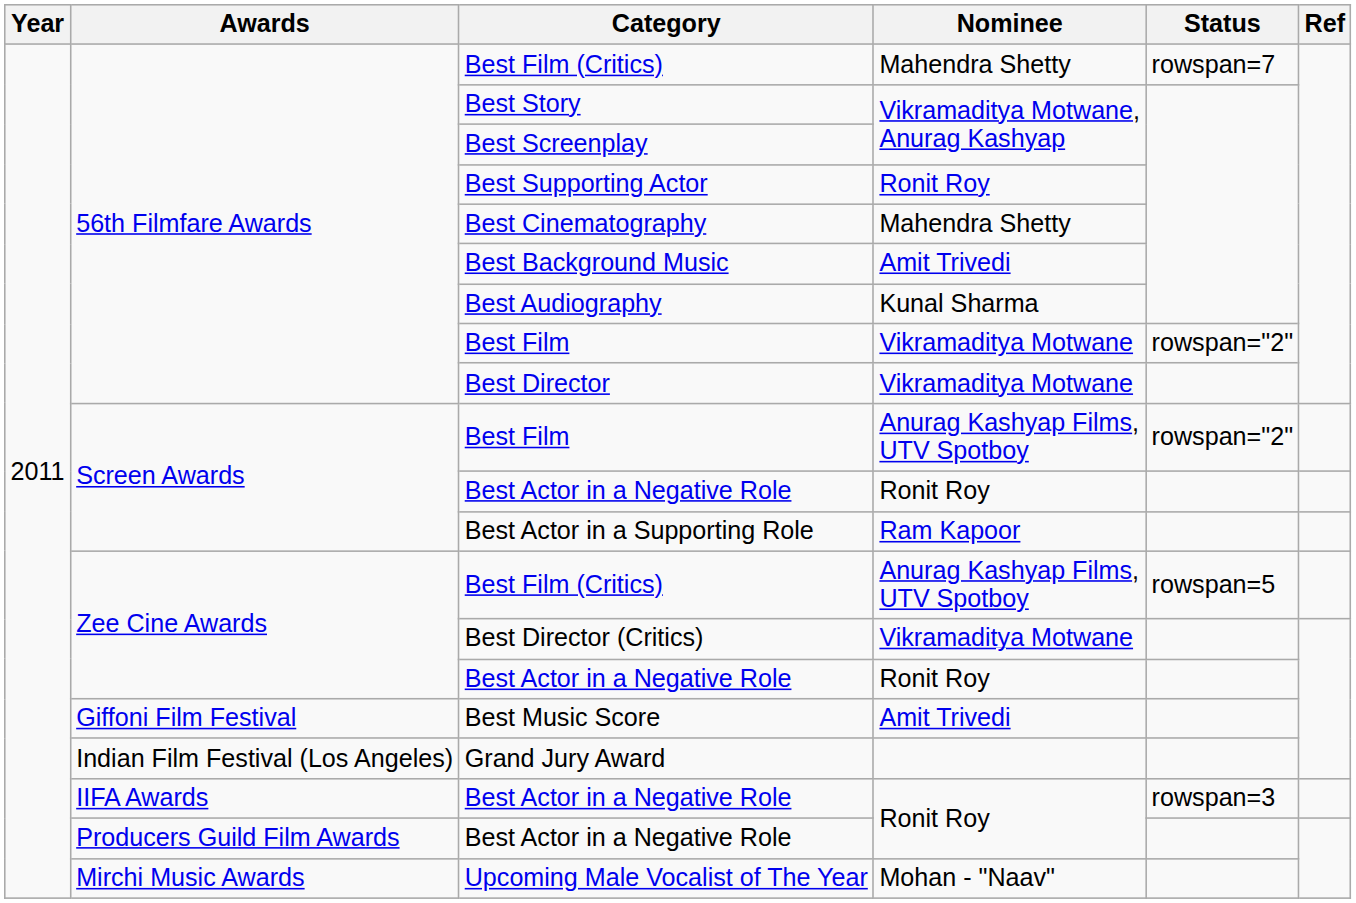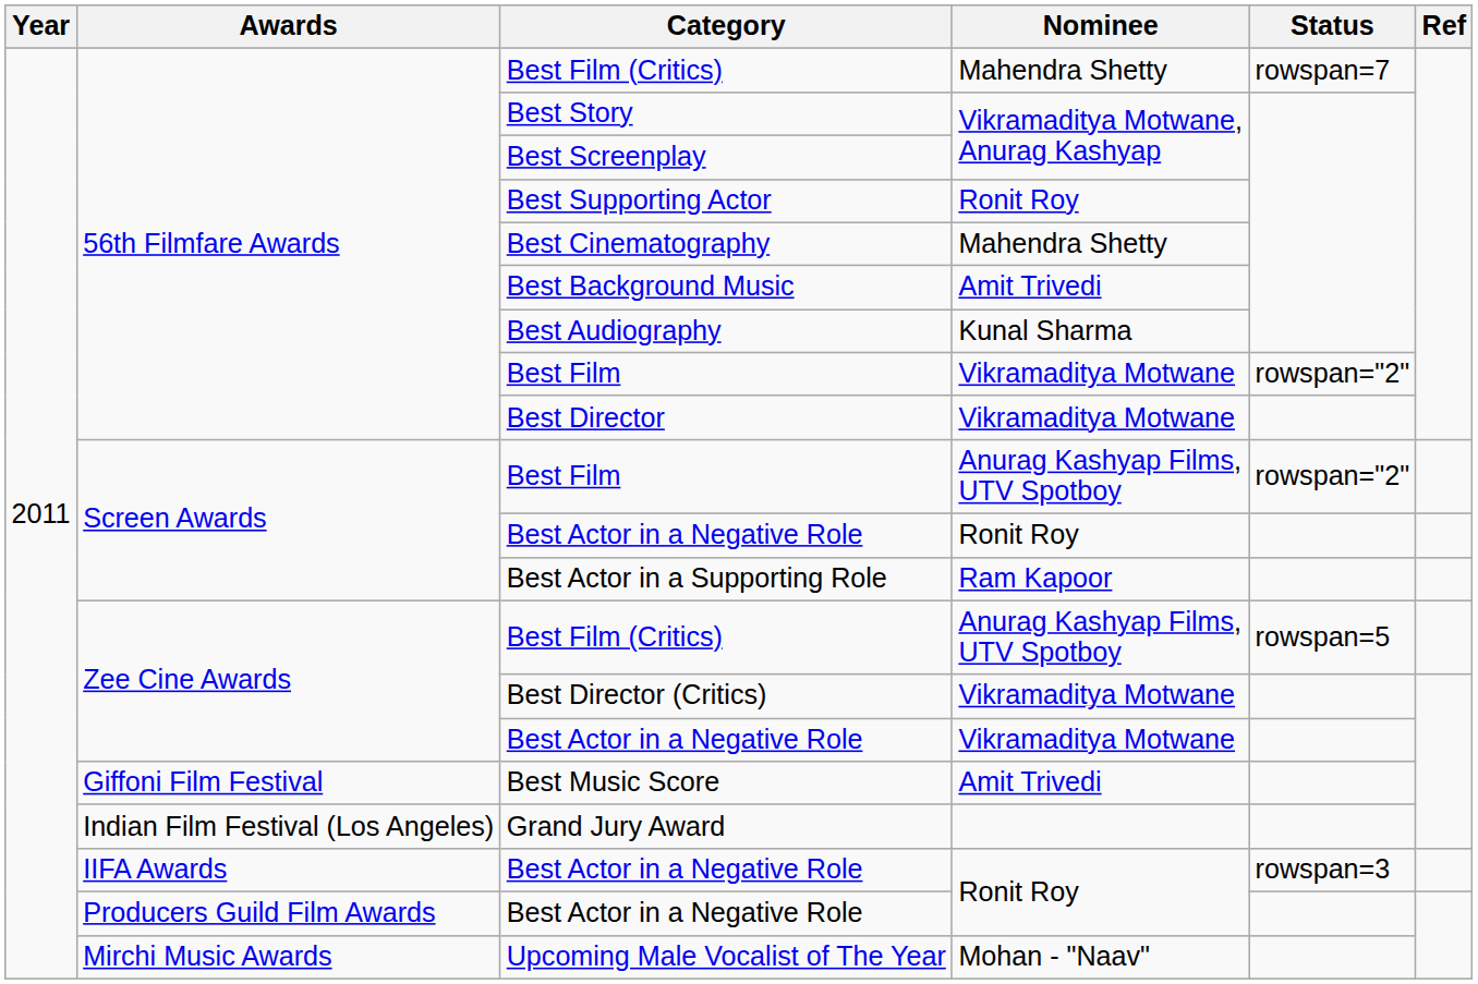 <table class="wikitable">
 <tr>
 <th>Year</th>
 <th>Awards</th>
 <th>Category</th>
 <th>Nominee</th>
 <th>Status</th>
 <th>Ref</th>
 </tr>
 <tr>
 <td rowspan="20">2011</td>
 <td rowspan=9><a href='#'>56th Filmfare Awards</a></td>
 <td><a href='#'>Best Film (Critics)</a></td>
 <td>Mahendra Shetty</td>
 <td>rowspan=7 </td>
 <td rowspan=9></td>
 </tr>
 <tr>
 <td><a href='#'>Best Story</a></td>
 <td rowspan="2"><a href='#'>Vikramaditya Motwane</a>,<br><a href='#'>Anurag Kashyap</a></td>
 </tr>
 <tr>
 <td><a href='#'>Best Screenplay</a></td>
 </tr>
 <tr>
 <td><a href='#'>Best Supporting Actor</a></td>
 <td><a href='#'>Ronit Roy</a></td>
 </tr>
 <tr>
 <td><a href='#'>Best Cinematography</a></td>
 <td>Mahendra Shetty</td>
 </tr>
 <tr>
 <td><a href='#'>Best Background Music</a></td>
 <td><a href='#'>Amit Trivedi</a></td>
 </tr>
 <tr>
 <td><a href='#'>Best Audiography</a></td>
 <td>Kunal Sharma</td>
 </tr>
 <tr>
 <td><a href='#'>Best Film</a></td>
 <td><a href='#'>Vikramaditya Motwane</a></td>
 <td>rowspan="2"</td>
 </tr>
 <tr>
 <td><a href='#'>Best Director</a></td>
 <td><a href='#'>Vikramaditya Motwane</a></td>
 </tr>
 <tr>
 <td rowspan="3"><a href='#'>Screen Awards</a></td>
 <td><a href='#'>Best Film</a></td>
 <td><a href='#'>Anurag Kashyap Films</a>,<br><a href='#'>UTV Spotboy</a></td>
 <td>rowspan="2"</td>
 <td></td>
 </tr>
 <tr>
 <td><a href='#'>Best Actor in a Negative Role</a></td>
 <td>Ronit Roy</td>
 <td></td>
 </tr>
 <tr>
 <td>Best Actor in a Supporting Role</td>
 <td><a href='#'>Ram Kapoor</a></td>
 <td></td>
 <td></td>
 </tr>
 <tr>
 <td rowspan="3"><a href='#'>Zee Cine Awards</a></td>
 <td><a href='#'>Best Film (Critics)</a></td>
 <td><a href='#'>Anurag Kashyap Films</a>,<br><a href='#'>UTV Spotboy</a></td>
 <td>rowspan=5 </td>
 <td></td>
 </tr>
 <tr>
 <td>Best Director (Critics)</td>
 <td><a href='#'>Vikramaditya Motwane</a></td>
 <td></td>
 </tr>
 <tr>
 <td><a href='#'>Best Actor in a Negative Role</a></td>
-<td>Ronit Roy</td>
+<td><a href='#'>Vikramaditya Motwane</a></td>
 <td></td>
 </tr>
 <tr>
 <td><a href='#'>Giffoni Film Festival</a></td>
 <td>Best Music Score</td>
 <td><a href='#'>Amit Trivedi</a></td>
 <td></td>
 </tr>
 <tr>
 <td>Indian Film Festival (Los Angeles)</td>
 <td>Grand Jury Award</td>
 <td></td>
 <td></td>
 </tr>
 <tr>
 <td><a href='#'>IIFA Awards</a></td>
 <td><a href='#'>Best Actor in a Negative Role</a></td>
 <td rowspan="2">Ronit Roy</td>
 <td>rowspan=3 </td>
 <td></td>
 </tr>
 <tr>
 <td><a href='#'>Producers Guild Film Awards</a></td>
 <td>Best Actor in a Negative Role</td>
 <td></td>
 </tr>
 <tr>
 <td><a href='#'>Mirchi Music Awards</a></td>
 <td><a href='#'>Upcoming Male Vocalist of The Year</a></td>
 <td>Mohan - "Naav"</td>
 <td></td>
 </tr>
 </table>
